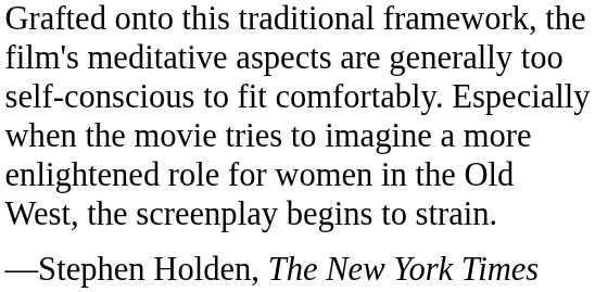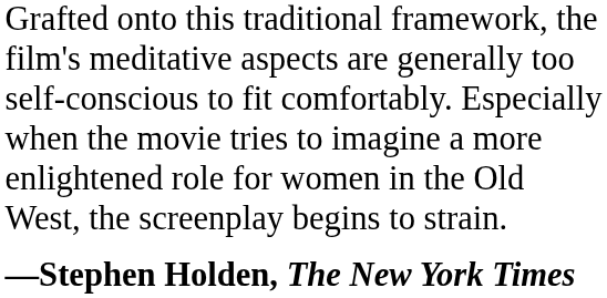 <table class="toccolours" style="float: right; margin-left: 1em; margin-right: 2em; font-size: 85%; color:black; width:25em; max-width: 20%;" cellspacing="5">
 <tr>
 <td style="text-align: left;">Grafted onto this traditional framework, the film's meditative aspects are generally too self-conscious to fit comfortably. Especially when the movie tries to imagine a more enlightened role for women in the Old West, the screenplay begins to strain.</td>
 </tr>
 <tr>
-<td style="text-align: left;">—Stephen Holden, <em>The New York Times</em></td>
+<td style="text-align: left;"><strong>—Stephen Holden, <em>The New York Times</em></strong></td>
 </tr>
 </table>
